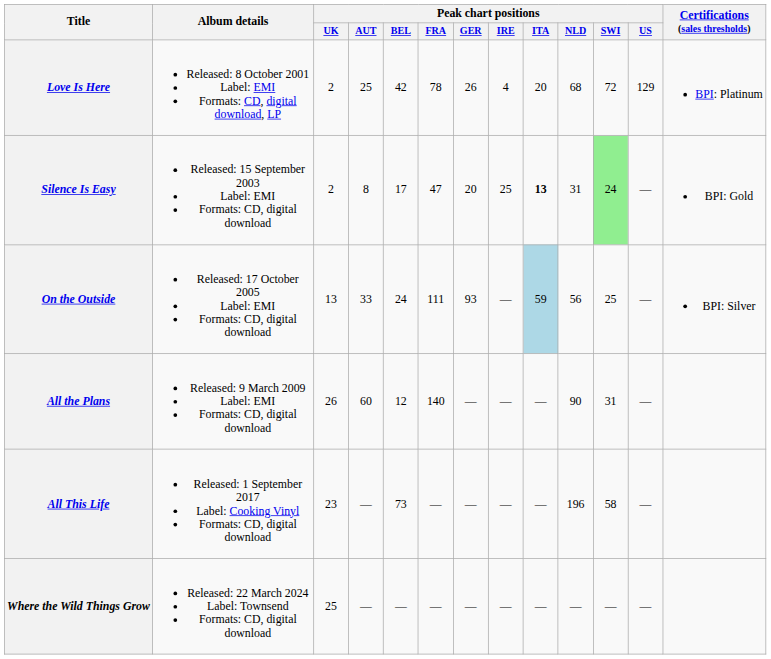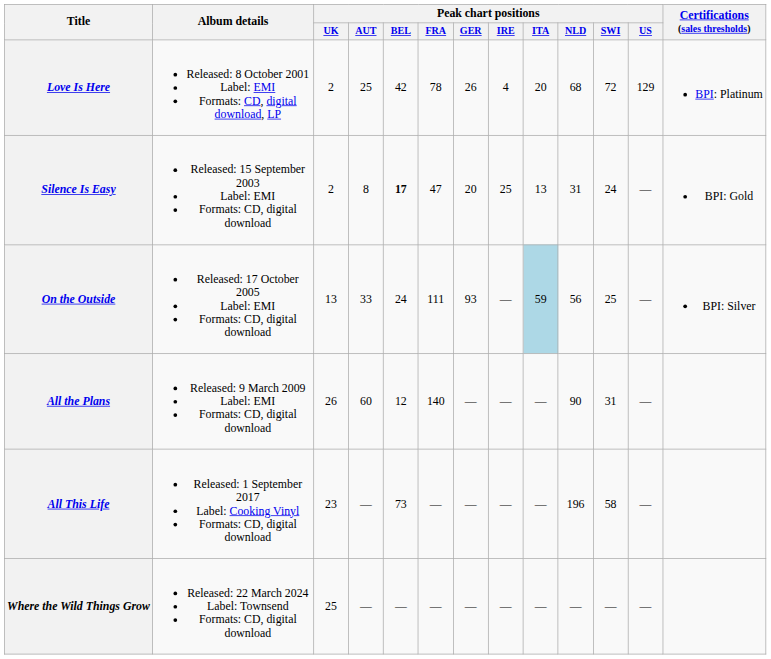 <table class="wikitable plainrowheaders" style="text-align:center;">
 <tr>
 <th rowspan="2">Title</th>
 <th width="210" rowspan="2">Album details</th>
 <th colspan="10">Peak chart positions</th>
 <th rowspan="2"><a href='#'>Certifications</a><br><small>(<a href='#'>sales thresholds</a>)</small></th>
 </tr>
 <tr>
 <th style="width:3em;font-size:85%;"><a href='#'>UK</a><br></th>
 <th style="width:3em;font-size:85%;"><a href='#'>AUT</a><br></th>
 <th style="width:3em;font-size:85%;"><a href='#'>BEL</a><br></th>
 <th style="width:3em;font-size:85%;"><a href='#'>FRA</a><br></th>
 <th style="width:3em;font-size:85%;"><a href='#'>GER</a><br></th>
 <th style="width:3em;font-size:85%;"><a href='#'>IRE</a><br></th>
 <th style="width:3em;font-size:85%;"><a href='#'>ITA</a><br></th>
 <th style="width:3em;font-size:85%;"><a href='#'>NLD</a><br></th>
 <th style="width:3em;font-size:85%;"><a href='#'>SWI</a><br></th>
 <th style="width:3em;font-size:85%;"><a href='#'>US</a><br></th>
 </tr>
 <tr>
 <th scope="row"><em><a href='#'>Love Is Here</a></em></th>
 <td><br><ul><li>Released: 8 October 2001</li><li>Label: <a href='#'>EMI</a></li><li>Formats: <a href='#'>CD</a>, <a href='#'>digital download</a>, <a href='#'>LP</a></li></ul></td>
 <td>2</td>
 <td>25</td>
 <td>42</td>
 <td>78</td>
 <td>26</td>
 <td>4</td>
 <td>20</td>
 <td>68</td>
 <td>72</td>
 <td>129</td>
 <td><br><ul><li><a href='#'>BPI</a>: Platinum</li></ul></td>
 </tr>
 <tr>
 <th scope="row"><em><a href='#'>Silence Is Easy</a></em></th>
 <td><br><ul><li>Released: 15 September 2003</li><li>Label: EMI</li><li>Formats: CD, digital download</li></ul></td>
 <td>2</td>
 <td>8</td>
-<td>17</td>
+<td><strong>17</strong></td>
 <td>47</td>
 <td>20</td>
 <td>25</td>
-<td><strong>13</strong></td>
+<td>13</td>
 <td>31</td>
-<td style="background: lightgreen;">24</td>
+<td>24</td>
 <td>—</td>
 <td><br><ul><li>BPI: Gold</li></ul></td>
 </tr>
 <tr>
 <th scope="row"><em><a href='#'>On the Outside</a></em></th>
 <td><br><ul><li>Released: 17 October 2005</li><li>Label: EMI</li><li>Formats: CD, digital download</li></ul></td>
 <td>13</td>
 <td>33</td>
 <td>24</td>
 <td>111</td>
 <td>93</td>
 <td>—</td>
 <td style="background: lightblue;">59</td>
 <td>56</td>
 <td>25</td>
 <td>—</td>
 <td><br><ul><li>BPI: Silver</li></ul></td>
 </tr>
 <tr>
 <th scope="row"><em><a href='#'>All the Plans</a></em></th>
 <td><br><ul><li>Released: 9 March 2009</li><li>Label: EMI</li><li>Formats: CD, digital download</li></ul></td>
 <td>26</td>
 <td>60</td>
 <td>12</td>
 <td>140</td>
 <td>—</td>
 <td>—</td>
 <td>—</td>
 <td>90</td>
 <td>31</td>
 <td>—</td>
 <td></td>
 </tr>
 <tr>
 <th scope="row"><em><a href='#'>All This Life</a></em></th>
 <td><br><ul><li>Released: 1 September 2017</li><li>Label: <a href='#'>Cooking Vinyl</a></li><li>Formats: CD, digital download</li></ul></td>
 <td>23</td>
 <td>—</td>
 <td>73</td>
 <td>—</td>
 <td>—</td>
 <td>—</td>
 <td>—</td>
 <td>196</td>
 <td>58</td>
 <td>—</td>
 <td></td>
 </tr>
 <tr>
 <th scope="row"><em>Where the Wild Things Grow</em></th>
 <td><br><ul><li>Released: 22 March 2024</li><li>Label: Townsend</li><li>Formats: CD, digital download</li></ul></td>
 <td>25</td>
 <td>—</td>
 <td>—</td>
 <td>—</td>
 <td>—</td>
 <td>—</td>
 <td>—</td>
 <td>—</td>
 <td>—</td>
 <td>—</td>
 <td></td>
 </tr>
 </table>
